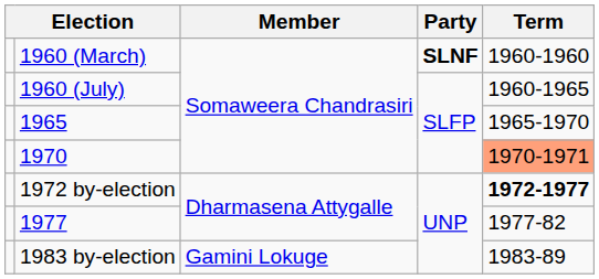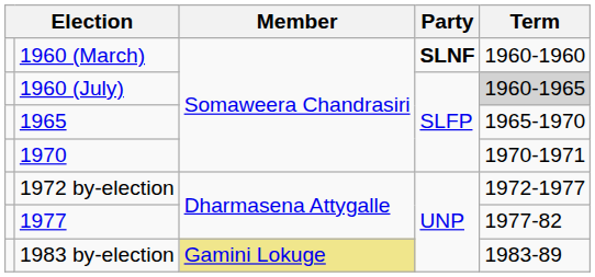 <table class="wikitable">
 <tr>
 <th colspan="2">Election</th>
 <th>Member</th>
 <th>Party</th>
 <th>Term</th>
 </tr>
 <tr>
 <td style="background-color: "></td>
 <td><a href='#'>1960 (March)</a></td>
 <td rowspan=4><a href='#'>Somaweera Chandrasiri</a></td>
 <td><strong>SLNF</strong></td>
 <td>1960-1960</td>
 </tr>
 <tr>
 <td style="background-color: "></td>
 <td><a href='#'>1960 (July)</a></td>
 <td rowspan=3><a href='#'>SLFP</a></td>
-<td>1960-1965</td>
+<td style="background: lightgrey;">1960-1965</td>
 </tr>
 <tr>
 <td style="background-color: "></td>
 <td><a href='#'>1965</a></td>
 <td>1965-1970</td>
 </tr>
 <tr>
 <td style="background-color: "></td>
 <td><a href='#'>1970</a></td>
-<td style="background: lightsalmon;">1970-1971</td>
+<td>1970-1971</td>
 </tr>
 <tr>
 <td style="background-color: "></td>
 <td>1972 by-election</td>
 <td rowspan=2><a href='#'>Dharmasena Attygalle</a></td>
 <td rowspan=3><a href='#'>UNP</a></td>
-<td><strong>1972-1977</strong></td>
+<td>1972-1977</td>
 </tr>
 <tr>
 <td style="background-color:"></td>
 <td><a href='#'>1977</a></td>
 <td>1977-82</td>
 </tr>
 <tr>
 <td style="background-color:"></td>
 <td>1983 by-election</td>
-<td><a href='#'>Gamini Lokuge</a></td>
+<td style="background: khaki;"><a href='#'>Gamini Lokuge</a></td>
 <td>1983-89</td>
 </tr>
 </table>
